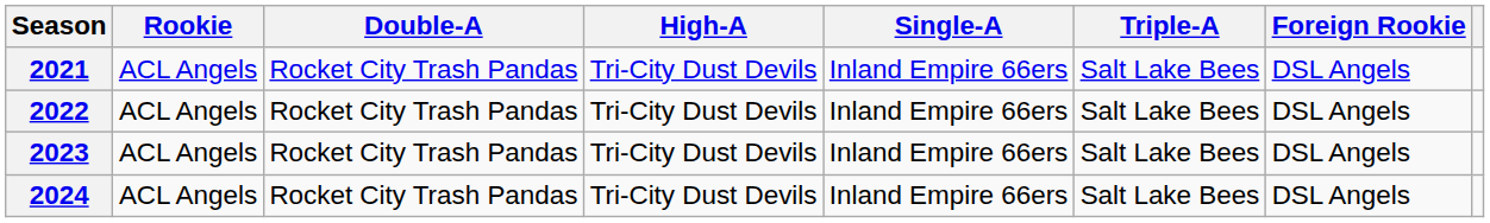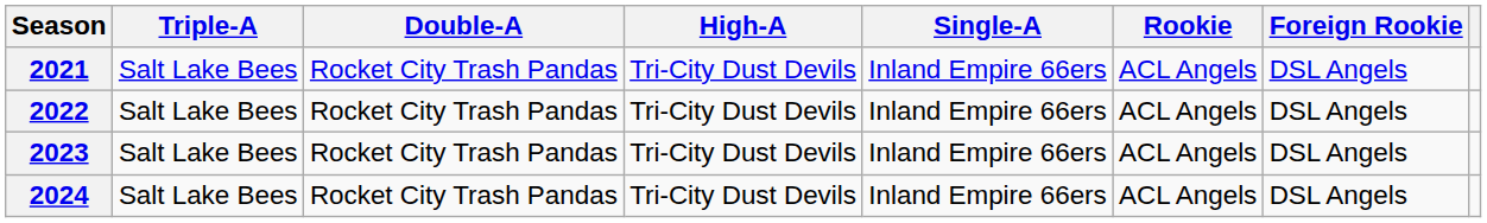 <table class="wikitable plainrowheaders">
 <tr>
 <th scope="col">Season</th>
-<th scope="col"><a href='#'><span>Rookie</span></a></th>
+<th scope="col"><a href='#'><span>Triple-A</span></a></th>
 <th scope="col"><a href='#'><span>Double-A</span></a></th>
 <th scope="col"><a href='#'><span>High-A</span></a></th>
 <th scope="col"><a href='#'><span>Single-A</span></a></th>
-<th scope="col"><a href='#'><span>Triple-A</span></a></th>
+<th scope="col"><a href='#'><span>Rookie</span></a></th>
 <th scope="col"><a href='#'><span>Foreign Rookie</span></a></th>
 <th scope="col"></th>
 </tr>
 <tr>
 <th scope="row" style="text-align:center"><a href='#'>2021</a></th>
-<td><a href='#'>ACL Angels</a></td>
+<td><a href='#'>Salt Lake Bees</a></td>
 <td><a href='#'>Rocket City Trash Pandas</a></td>
 <td><a href='#'>Tri-City Dust Devils</a></td>
 <td><a href='#'>Inland Empire 66ers</a></td>
-<td><a href='#'>Salt Lake Bees</a></td>
+<td><a href='#'>ACL Angels</a></td>
 <td><a href='#'>DSL Angels</a></td>
 <td align="center"></td>
 </tr>
 <tr>
 <th scope="row" style="text-align:center"><a href='#'>2022</a></th>
-<td>ACL Angels</td>
+<td>Salt Lake Bees</td>
 <td>Rocket City Trash Pandas</td>
 <td>Tri-City Dust Devils</td>
 <td>Inland Empire 66ers</td>
-<td>Salt Lake Bees</td>
+<td>ACL Angels</td>
 <td>DSL Angels</td>
 <td align="center"></td>
 </tr>
 <tr>
 <th scope="row" style="text-align:center"><a href='#'>2023</a></th>
-<td>ACL Angels</td>
+<td>Salt Lake Bees</td>
 <td>Rocket City Trash Pandas</td>
 <td>Tri-City Dust Devils</td>
 <td>Inland Empire 66ers</td>
-<td>Salt Lake Bees</td>
+<td>ACL Angels</td>
 <td>DSL Angels</td>
 <td align="center"></td>
 </tr>
 <tr>
 <th scope="row" style="text-align:center"><a href='#'>2024</a></th>
-<td>ACL Angels</td>
+<td>Salt Lake Bees</td>
 <td>Rocket City Trash Pandas</td>
 <td>Tri-City Dust Devils</td>
 <td>Inland Empire 66ers</td>
-<td>Salt Lake Bees</td>
+<td>ACL Angels</td>
 <td>DSL Angels</td>
 <td align="center"></td>
 </tr>
 </table>
